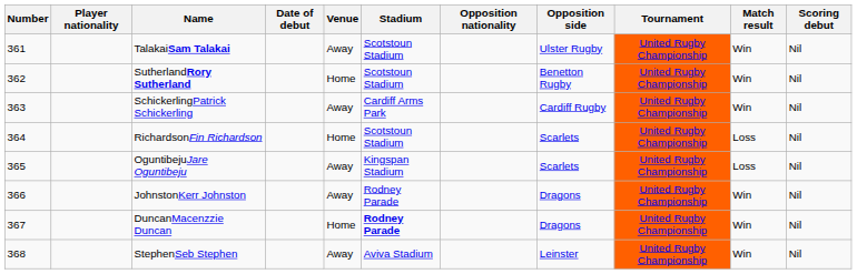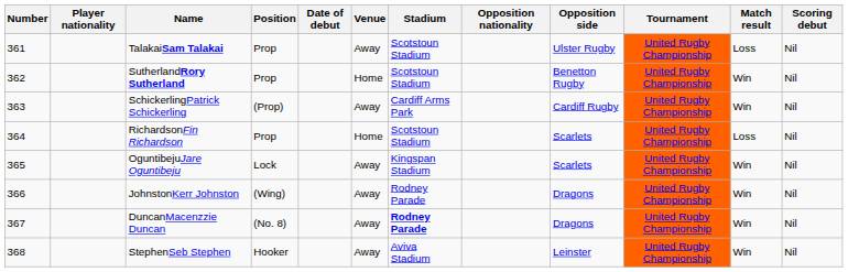 <table class="sortable wikitable">
 <tr>
 <th data-sort-type="number">Number</th>
 <th>Player nationality</th>
 <th>Name</th>
+<th>Position</th>
 <th>Date of debut</th>
 <th>Venue</th>
 <th>Stadium</th>
 <th>Opposition nationality</th>
 <th>Opposition side</th>
 <th>Tournament</th>
 <th>Match result</th>
 <th>Scoring debut</th>
 </tr>
 <tr>
 <td>361</td>
 <td style="text-align:center;"></td>
 <td><span>Talakai</span><strong><a href='#'>Sam Talakai</a></strong></td>
+<td>Prop</td>
 <td></td>
 <td>Away</td>
 <td><a href='#'>Scotstoun Stadium</a></td>
 <td style="text-align:center;"></td>
 <td><a href='#'>Ulster Rugby</a></td>
 <td style="text-align:center; background:#FF6000;"><a href='#'>United Rugby Championship</a></td>
-<td>Win</td>
+<td>Loss</td>
 <td>Nil</td>
 </tr>
 <tr>
 <td>362</td>
 <td style="text-align:center;"></td>
 <td><span>Sutherland</span><strong><a href='#'>Rory Sutherland</a></strong></td>
+<td>Prop</td>
 <td></td>
 <td>Home</td>
 <td><a href='#'>Scotstoun Stadium</a></td>
 <td style="text-align:center;"></td>
 <td><a href='#'>Benetton Rugby</a></td>
 <td style="text-align:center; background:#FF6000;"><a href='#'>United Rugby Championship</a></td>
 <td>Win</td>
 <td>Nil</td>
 </tr>
 <tr>
 <td>363</td>
 <td style="text-align:center;"></td>
 <td><span>Schickerling</span><a href='#'>Patrick Schickerling</a></td>
+<td>(Prop)</td>
 <td></td>
 <td>Away</td>
 <td><a href='#'>Cardiff Arms Park</a></td>
 <td style="text-align:center;"></td>
 <td><a href='#'>Cardiff Rugby</a></td>
 <td style="text-align:center; background:#FF6000;"><a href='#'>United Rugby Championship</a></td>
 <td>Win</td>
 <td>Nil</td>
 </tr>
 <tr>
 <td>364</td>
 <td style="text-align:center;"></td>
 <td><span>Richardson</span><em><a href='#'>Fin Richardson</a></em></td>
+<td>Prop</td>
 <td></td>
 <td>Home</td>
 <td><a href='#'>Scotstoun Stadium</a></td>
 <td style="text-align:center;"></td>
 <td><a href='#'>Scarlets</a></td>
 <td style="text-align:center; background:#FF6000;"><a href='#'>United Rugby Championship</a></td>
 <td>Loss</td>
 <td>Nil</td>
 </tr>
 <tr>
 <td>365</td>
 <td style="text-align:center;"></td>
 <td><span>Oguntibeju</span><em><a href='#'>Jare Oguntibeju</a></em></td>
+<td>Lock</td>
 <td></td>
 <td>Away</td>
 <td><a href='#'>Kingspan Stadium</a></td>
 <td style="text-align:center;"></td>
 <td><a href='#'>Scarlets</a></td>
 <td style="text-align:center; background:#FF6000;"><a href='#'>United Rugby Championship</a></td>
-<td>Loss</td>
+<td>Win</td>
 <td>Nil</td>
 </tr>
 <tr>
 <td>366</td>
 <td style="text-align:center;"></td>
 <td><span>Johnston</span><a href='#'>Kerr Johnston</a></td>
+<td>(Wing)</td>
 <td></td>
 <td>Away</td>
 <td><a href='#'>Rodney Parade</a></td>
 <td style="text-align:center;"></td>
 <td><a href='#'>Dragons</a></td>
 <td style="text-align:center; background:#FF6000;"><a href='#'>United Rugby Championship</a></td>
 <td>Win</td>
 <td>Nil</td>
 </tr>
 <tr>
 <td>367</td>
 <td style="text-align:center;"></td>
 <td><span>Duncan</span><a href='#'>Macenzzie Duncan</a></td>
+<td>(No. 8)</td>
 <td></td>
-<td>Home</td>
+<td>Away</td>
 <td><strong><a href='#'>Rodney Parade</a></strong></td>
 <td style="text-align:center;"></td>
 <td><a href='#'>Dragons</a></td>
 <td style="text-align:center; background:#FF6000;"><a href='#'>United Rugby Championship</a></td>
 <td>Win</td>
 <td>Nil</td>
 </tr>
 <tr>
 <td>368</td>
 <td style="text-align:center;"></td>
 <td><span>Stephen</span><a href='#'>Seb Stephen</a></td>
+<td>Hooker</td>
 <td></td>
 <td>Away</td>
 <td><a href='#'>Aviva Stadium</a></td>
 <td style="text-align:center;"></td>
 <td><a href='#'>Leinster</a></td>
 <td style="text-align:center; background:#FF6000;"><a href='#'>United Rugby Championship</a></td>
 <td>Win</td>
 <td>Nil</td>
 </tr>
 </table>
